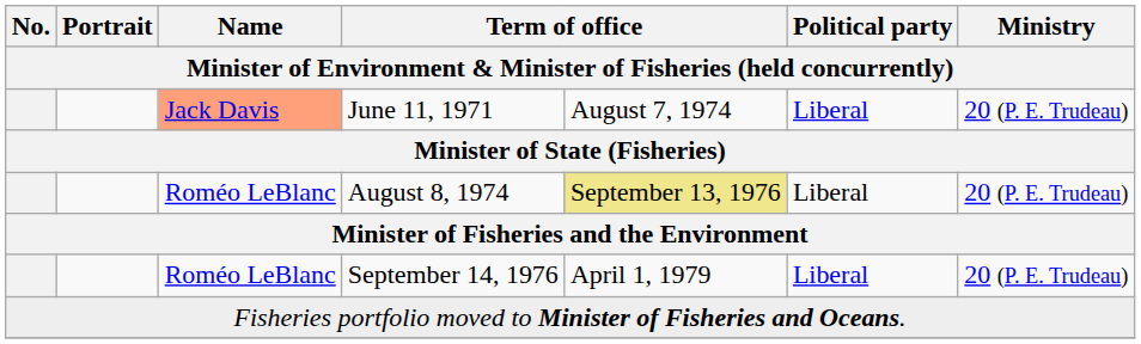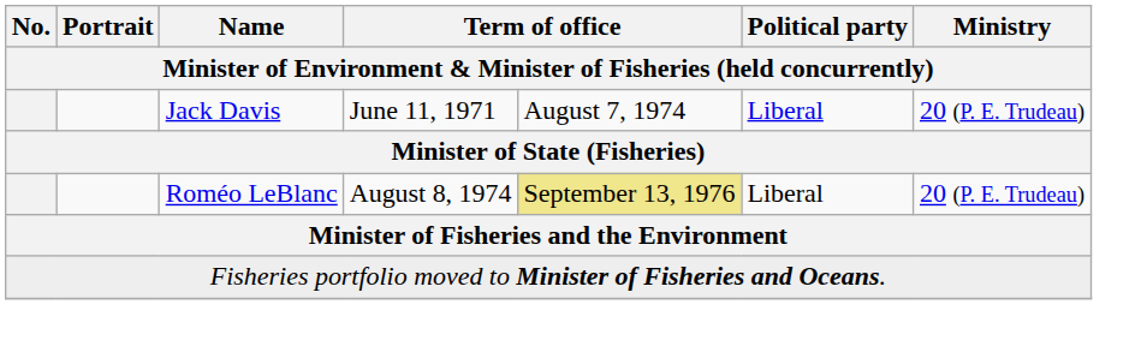 <table class="wikitable">
 <tr>
 <th>No.</th>
 <th>Portrait</th>
 <th>Name</th>
 <th colspan=2>Term of office</th>
 <th>Political party</th>
 <th>Ministry</th>
 </tr>
 <tr>
 <th colspan=7>Minister of Environment & Minister of Fisheries (held concurrently)</th>
 </tr>
 <tr>
 <th style="background:"></th>
 <td></td>
-<td style="background: lightsalmon;"><a href='#'>Jack Davis</a></td>
+<td><a href='#'>Jack Davis</a></td>
 <td>June 11, 1971</td>
 <td>August 7, 1974</td>
 <td><a href='#'>Liberal</a></td>
 <td><a href='#'>20</a> <small>(<a href='#'>P. E. Trudeau</a>)</small></td>
 </tr>
 <tr>
 <th colspan=7>Minister of State (Fisheries)</th>
 </tr>
 <tr>
 <th style="background:"></th>
 <td></td>
 <td><a href='#'>Roméo LeBlanc</a></td>
 <td>August 8, 1974</td>
 <td style="background: khaki;">September 13, 1976</td>
 <td>Liberal</td>
 <td><a href='#'>20</a> <small>(<a href='#'>P. E. Trudeau</a>)</small></td>
 </tr>
 <tr>
 <th colspan=7>Minister of Fisheries and the Environment</th>
 </tr>
 <tr>
-<th style="background:"></th>
-<td></td>
-<td><a href='#'>Roméo LeBlanc</a></td>
-<td>September 14, 1976</td>
-<td>April 1, 1979</td>
-<td><a href='#'>Liberal</a></td>
-<td><a href='#'>20</a> <small>(<a href='#'>P. E. Trudeau</a>)</small></td>
-</tr>
-<tr>
 <td colspan=7 align=center style="background: #eeeeee;"><em>Fisheries portfolio moved to <strong>Minister of Fisheries and Oceans</strong>.</em></td>
 </tr>
 <tr>
 </tr>
 </table>
